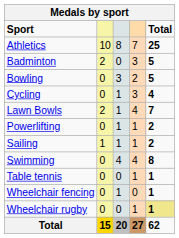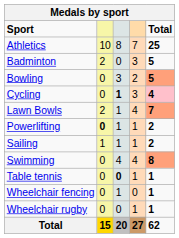 <table class=wikitable style="font-size:95%; ">
 <tr bgcolor=EFEFEF>
 <th colspan=7>Medals by sport</th>
 </tr>
 <tr>
 <td><strong>Sport</strong></td>
 <td bgcolor=F7F6A8></td>
 <td bgcolor=DCE5E5></td>
 <td bgcolor=FFDBA9></td>
 <td><strong>Total</strong></td>
 </tr>
 <tr>
 <td><a href='#'>Athletics</a></td>
 <td bgcolor=F7F6A8>10</td>
 <td bgcolor=DCE5E5>8</td>
 <td bgcolor=FFDAB9>7</td>
 <td><strong>25</strong></td>
 </tr>
 <tr>
 <td><a href='#'>Badminton</a></td>
 <td bgcolor=F7F6A8>2</td>
 <td bgcolor=DCE5E5>0</td>
 <td bgcolor=FFDAB9>3</td>
 <td><strong>5</strong></td>
 </tr>
 <tr>
 <td><a href='#'>Bowling</a></td>
 <td bgcolor=F7F6A8>0</td>
 <td bgcolor=DCE5E5>3</td>
 <td bgcolor=FFDAB9>2</td>
-<td><strong>5</strong></td>
+<td style="background: lightsalmon;"><strong>5</strong></td>
 </tr>
 <tr>
 <td><a href='#'>Cycling</a></td>
 <td bgcolor=F7F6A8>0</td>
-<td bgcolor=DCE5E5>1</td>
+<td bgcolor=DCE5E5><strong>1</strong></td>
 <td bgcolor=FFDAB9>3</td>
-<td><strong>4</strong></td>
+<td style="background: pink;"><strong>4</strong></td>
 </tr>
 <tr>
 <td><a href='#'>Lawn Bowls</a></td>
 <td bgcolor=F7F6A8>2</td>
 <td bgcolor=DCE5E5>1</td>
 <td bgcolor=FFDAB9>4</td>
-<td><strong>7</strong></td>
+<td style="background: lightsalmon;"><strong>7</strong></td>
 </tr>
 <tr>
 <td><a href='#'>Powerlifting</a></td>
-<td bgcolor=F7F6A8>0</td>
+<td bgcolor=F7F6A8><strong>0</strong></td>
 <td bgcolor=DCE5E5>1</td>
 <td bgcolor=FFDAB9>1</td>
 <td><strong>2</strong></td>
 </tr>
 <tr>
 <td><a href='#'>Sailing</a></td>
 <td bgcolor=F7F6A8>1</td>
 <td bgcolor=DCE5E5>1</td>
 <td bgcolor=FFDAB9>1</td>
 <td><strong>2</strong></td>
 </tr>
 <tr>
 <td><a href='#'>Swimming</a></td>
 <td bgcolor=F7F6A8>0</td>
 <td bgcolor=DCE5E5>4</td>
 <td bgcolor=FFDAB9>4</td>
-<td><strong>8</strong></td>
+<td style="background: lightsalmon;"><strong>8</strong></td>
 </tr>
 <tr>
 <td><a href='#'>Table tennis</a></td>
 <td bgcolor=F7F6A8>0</td>
-<td bgcolor=DCE5E5>0</td>
+<td bgcolor=DCE5E5><strong>0</strong></td>
 <td bgcolor=FFDAB9>1</td>
 <td><strong>1</strong></td>
 </tr>
 <tr>
 <td><a href='#'>Wheelchair fencing</a></td>
 <td bgcolor=F7F6A8>0</td>
 <td bgcolor=DCE5E5>1</td>
 <td bgcolor=FFDAB9>0</td>
 <td><strong>1</strong></td>
 </tr>
 <tr>
 <td><a href='#'>Wheelchair rugby</a></td>
 <td bgcolor=F7F6A8>0</td>
 <td bgcolor=DCE5E5>0</td>
 <td bgcolor=FFDAB9>1</td>
-<td style="background: khaki;"><strong>1</strong></td>
+<td><strong>1</strong></td>
 </tr>
 <tr>
 <th>Total</th>
 <td style="background:gold;"><strong>15</strong></td>
 <td style="background:silver;"><strong>20</strong></td>
 <td style="background:#c96;"><strong>27</strong></td>
 <td><strong>62</strong></td>
 </tr>
 </table>
